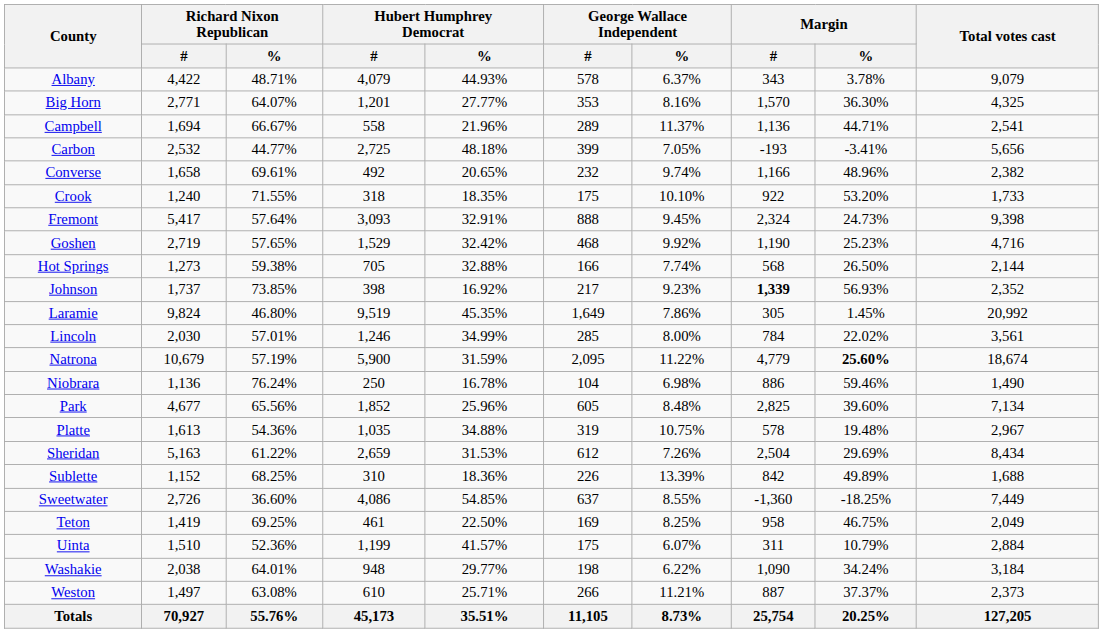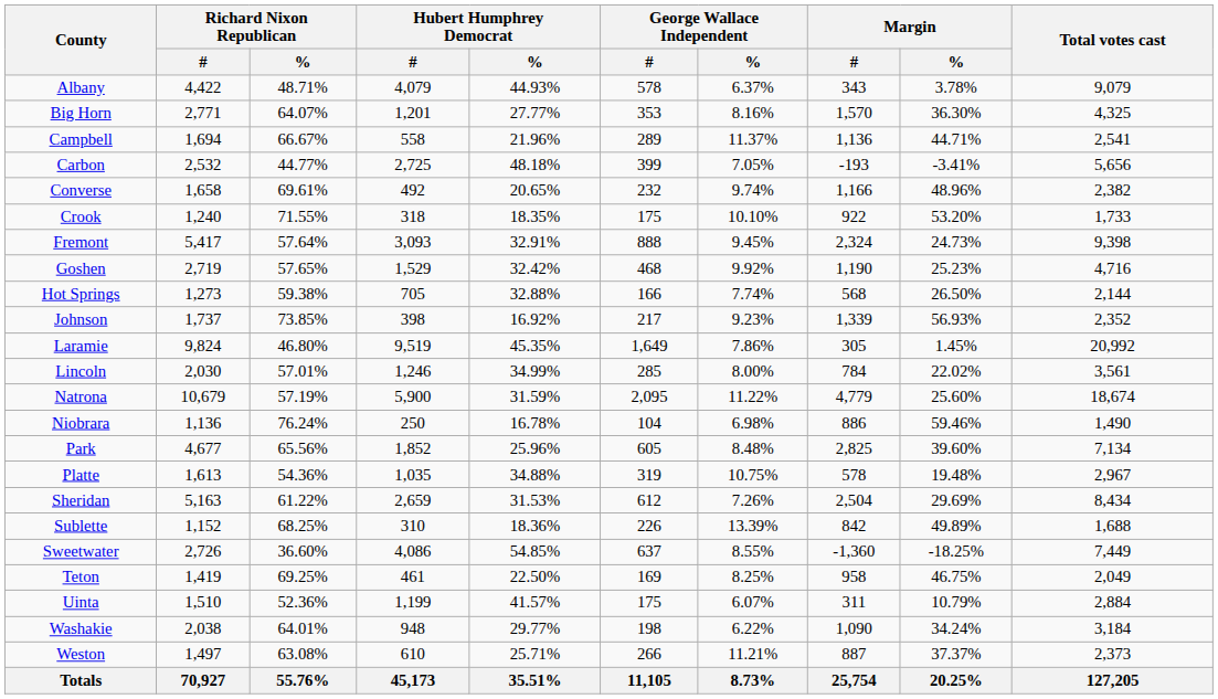 <table width="60%" class="wikitable sortable" style="text-align:center">
 <tr>
 <th style="text-align:center;" rowspan="2">County</th>
 <th style="text-align:center;" colspan="2">Richard Nixon<br>Republican</th>
 <th style="text-align:center;" colspan="2">Hubert Humphrey<br>Democrat</th>
 <th style="text-align:center;" colspan="2">George Wallace<br>Independent</th>
 <th style="text-align:center;" colspan="2">Margin</th>
 <th style="text-align:center;" rowspan="2">Total votes cast</th>
 </tr>
 <tr>
 <th style="text-align:center;" data-sort-type="number">#</th>
 <th style="text-align:center;" data-sort-type="number">%</th>
 <th style="text-align:center;" data-sort-type="number">#</th>
 <th style="text-align:center;" data-sort-type="number">%</th>
 <th style="text-align:center;" data-sort-type="number">#</th>
 <th style="text-align:center;" data-sort-type="number">%</th>
 <th style="text-align:center;" data-sort-type="number">#</th>
 <th style="text-align:center;" data-sort-type="number">%</th>
 </tr>
 <tr style="text-align:center;">
 <td><a href='#'>Albany</a></td>
 <td>4,422</td>
 <td>48.71%</td>
 <td>4,079</td>
 <td>44.93%</td>
 <td>578</td>
 <td>6.37%</td>
 <td>343</td>
 <td>3.78%</td>
 <td>9,079</td>
 </tr>
 <tr style="text-align:center;">
 <td><a href='#'>Big Horn</a></td>
 <td>2,771</td>
 <td>64.07%</td>
 <td>1,201</td>
 <td>27.77%</td>
 <td>353</td>
 <td>8.16%</td>
 <td>1,570</td>
 <td>36.30%</td>
 <td>4,325</td>
 </tr>
 <tr style="text-align:center;">
 <td><a href='#'>Campbell</a></td>
 <td>1,694</td>
 <td>66.67%</td>
 <td>558</td>
 <td>21.96%</td>
 <td>289</td>
 <td>11.37%</td>
 <td>1,136</td>
 <td>44.71%</td>
 <td>2,541</td>
 </tr>
 <tr style="text-align:center;">
 <td><a href='#'>Carbon</a></td>
 <td>2,532</td>
 <td>44.77%</td>
 <td>2,725</td>
 <td>48.18%</td>
 <td>399</td>
 <td>7.05%</td>
 <td>-193</td>
 <td>-3.41%</td>
 <td>5,656</td>
 </tr>
 <tr style="text-align:center;">
 <td><a href='#'>Converse</a></td>
 <td>1,658</td>
 <td>69.61%</td>
 <td>492</td>
 <td>20.65%</td>
 <td>232</td>
 <td>9.74%</td>
 <td>1,166</td>
 <td>48.96%</td>
 <td>2,382</td>
 </tr>
 <tr style="text-align:center;">
 <td><a href='#'>Crook</a></td>
 <td>1,240</td>
 <td>71.55%</td>
 <td>318</td>
 <td>18.35%</td>
 <td>175</td>
 <td>10.10%</td>
 <td>922</td>
 <td>53.20%</td>
 <td>1,733</td>
 </tr>
 <tr style="text-align:center;">
 <td><a href='#'>Fremont</a></td>
 <td>5,417</td>
 <td>57.64%</td>
 <td>3,093</td>
 <td>32.91%</td>
 <td>888</td>
 <td>9.45%</td>
 <td>2,324</td>
 <td>24.73%</td>
 <td>9,398</td>
 </tr>
 <tr style="text-align:center;">
 <td><a href='#'>Goshen</a></td>
 <td>2,719</td>
 <td>57.65%</td>
 <td>1,529</td>
 <td>32.42%</td>
 <td>468</td>
 <td>9.92%</td>
 <td>1,190</td>
 <td>25.23%</td>
 <td>4,716</td>
 </tr>
 <tr style="text-align:center;">
 <td><a href='#'>Hot Springs</a></td>
 <td>1,273</td>
 <td>59.38%</td>
 <td>705</td>
 <td>32.88%</td>
 <td>166</td>
 <td>7.74%</td>
 <td>568</td>
 <td>26.50%</td>
 <td>2,144</td>
 </tr>
 <tr style="text-align:center;">
 <td><a href='#'>Johnson</a></td>
 <td>1,737</td>
 <td>73.85%</td>
 <td>398</td>
 <td>16.92%</td>
 <td>217</td>
 <td>9.23%</td>
-<td><strong>1,339</strong></td>
+<td>1,339</td>
 <td>56.93%</td>
 <td>2,352</td>
 </tr>
 <tr style="text-align:center;">
 <td><a href='#'>Laramie</a></td>
 <td>9,824</td>
 <td>46.80%</td>
 <td>9,519</td>
 <td>45.35%</td>
 <td>1,649</td>
 <td>7.86%</td>
 <td>305</td>
 <td>1.45%</td>
 <td>20,992</td>
 </tr>
 <tr style="text-align:center;">
 <td><a href='#'>Lincoln</a></td>
 <td>2,030</td>
 <td>57.01%</td>
 <td>1,246</td>
 <td>34.99%</td>
 <td>285</td>
 <td>8.00%</td>
 <td>784</td>
 <td>22.02%</td>
 <td>3,561</td>
 </tr>
 <tr style="text-align:center;">
 <td><a href='#'>Natrona</a></td>
 <td>10,679</td>
 <td>57.19%</td>
 <td>5,900</td>
 <td>31.59%</td>
 <td>2,095</td>
 <td>11.22%</td>
 <td>4,779</td>
-<td><strong>25.60%</strong></td>
+<td>25.60%</td>
 <td>18,674</td>
 </tr>
 <tr style="text-align:center;">
 <td><a href='#'>Niobrara</a></td>
 <td>1,136</td>
 <td>76.24%</td>
 <td>250</td>
 <td>16.78%</td>
 <td>104</td>
 <td>6.98%</td>
 <td>886</td>
 <td>59.46%</td>
 <td>1,490</td>
 </tr>
 <tr style="text-align:center;">
 <td><a href='#'>Park</a></td>
 <td>4,677</td>
 <td>65.56%</td>
 <td>1,852</td>
 <td>25.96%</td>
 <td>605</td>
 <td>8.48%</td>
 <td>2,825</td>
 <td>39.60%</td>
 <td>7,134</td>
 </tr>
 <tr style="text-align:center;">
 <td><a href='#'>Platte</a></td>
 <td>1,613</td>
 <td>54.36%</td>
 <td>1,035</td>
 <td>34.88%</td>
 <td>319</td>
 <td>10.75%</td>
 <td>578</td>
 <td>19.48%</td>
 <td>2,967</td>
 </tr>
 <tr style="text-align:center;">
 <td><a href='#'>Sheridan</a></td>
 <td>5,163</td>
 <td>61.22%</td>
 <td>2,659</td>
 <td>31.53%</td>
 <td>612</td>
 <td>7.26%</td>
 <td>2,504</td>
 <td>29.69%</td>
 <td>8,434</td>
 </tr>
 <tr style="text-align:center;">
 <td><a href='#'>Sublette</a></td>
 <td>1,152</td>
 <td>68.25%</td>
 <td>310</td>
 <td>18.36%</td>
 <td>226</td>
 <td>13.39%</td>
 <td>842</td>
 <td>49.89%</td>
 <td>1,688</td>
 </tr>
 <tr style="text-align:center;">
 <td><a href='#'>Sweetwater</a></td>
 <td>2,726</td>
 <td>36.60%</td>
 <td>4,086</td>
 <td>54.85%</td>
 <td>637</td>
 <td>8.55%</td>
 <td>-1,360</td>
 <td>-18.25%</td>
 <td>7,449</td>
 </tr>
 <tr style="text-align:center;">
 <td><a href='#'>Teton</a></td>
 <td>1,419</td>
 <td>69.25%</td>
 <td>461</td>
 <td>22.50%</td>
 <td>169</td>
 <td>8.25%</td>
 <td>958</td>
 <td>46.75%</td>
 <td>2,049</td>
 </tr>
 <tr style="text-align:center;">
 <td><a href='#'>Uinta</a></td>
 <td>1,510</td>
 <td>52.36%</td>
 <td>1,199</td>
 <td>41.57%</td>
 <td>175</td>
 <td>6.07%</td>
 <td>311</td>
 <td>10.79%</td>
 <td>2,884</td>
 </tr>
 <tr style="text-align:center;">
 <td><a href='#'>Washakie</a></td>
 <td>2,038</td>
 <td>64.01%</td>
 <td>948</td>
 <td>29.77%</td>
 <td>198</td>
 <td>6.22%</td>
 <td>1,090</td>
 <td>34.24%</td>
 <td>3,184</td>
 </tr>
 <tr style="text-align:center;">
 <td><a href='#'>Weston</a></td>
 <td>1,497</td>
 <td>63.08%</td>
 <td>610</td>
 <td>25.71%</td>
 <td>266</td>
 <td>11.21%</td>
 <td>887</td>
 <td>37.37%</td>
 <td>2,373</td>
 </tr>
 <tr style="text-align:center;">
 <th>Totals</th>
 <th>70,927</th>
 <th>55.76%</th>
 <th>45,173</th>
 <th>35.51%</th>
 <th>11,105</th>
 <th>8.73%</th>
 <th>25,754</th>
 <th>20.25%</th>
 <th>127,205</th>
 </tr>
 </table>
